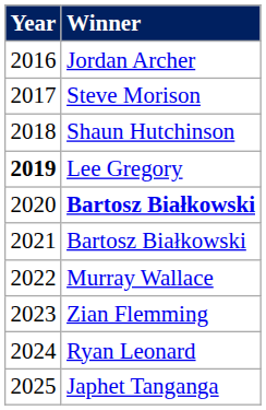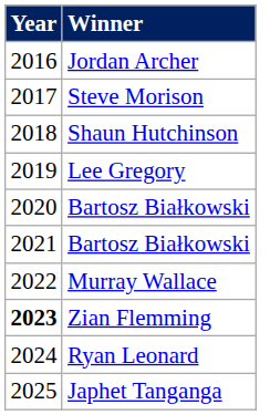 <table class="wikitable" style="background:#fff; text-align:left;">
 <tr style="font-weight:bold; color:#fff; background:#002060;"|>
 <td><strong>Year</strong></td>
 <td><strong>Winner</strong></td>
 </tr>
 <tr>
 <td>2016</td>
 <td> <a href='#'>Jordan Archer</a></td>
 </tr>
 <tr>
 <td>2017</td>
 <td> <a href='#'>Steve Morison</a></td>
 </tr>
 <tr>
 <td>2018</td>
 <td> <a href='#'>Shaun Hutchinson</a></td>
 </tr>
 <tr>
-<td><strong>2019</strong></td>
+<td>2019</td>
 <td> <a href='#'>Lee Gregory</a></td>
 </tr>
 <tr>
 <td>2020</td>
-<td><strong> <a href='#'>Bartosz Białkowski</a></strong></td>
+<td> <a href='#'>Bartosz Białkowski</a></td>
 </tr>
 <tr>
 <td>2021</td>
 <td> <a href='#'>Bartosz Białkowski</a></td>
 </tr>
 <tr>
 <td>2022</td>
 <td> <a href='#'>Murray Wallace</a></td>
 </tr>
 <tr>
-<td>2023</td>
+<td><strong>2023</strong></td>
 <td> <a href='#'>Zian Flemming</a></td>
 </tr>
 <tr>
 <td>2024</td>
 <td> <a href='#'>Ryan Leonard</a></td>
 </tr>
 <tr>
 <td>2025</td>
 <td> <a href='#'>Japhet Tanganga</a></td>
 </tr>
 </table>
